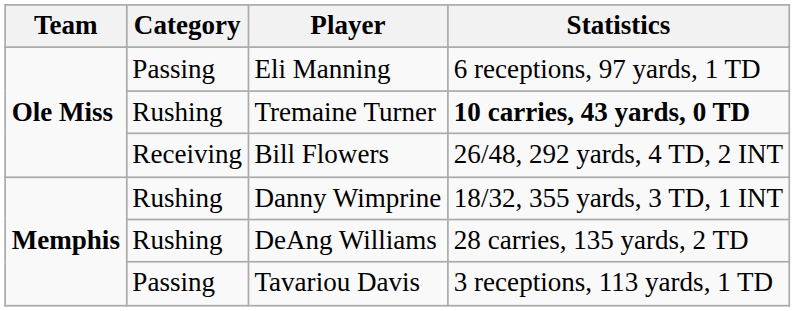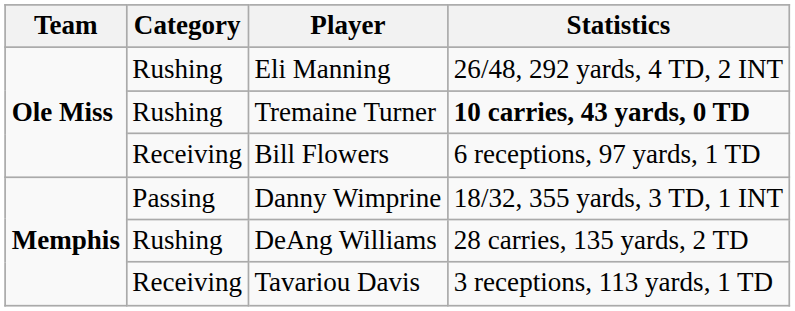 <table class="wikitable" style="float: right;">
 <tr>
 <th>Team</th>
 <th>Category</th>
 <th>Player</th>
 <th>Statistics</th>
 </tr>
 <tr>
 <td rowspan=3><strong>Ole Miss</strong></td>
-<td>Passing</td>
+<td>Rushing</td>
 <td>Eli Manning</td>
-<td>6 receptions, 97 yards, 1 TD</td>
+<td>26/48, 292 yards, 4 TD, 2 INT</td>
 </tr>
 <tr>
 <td>Rushing</td>
 <td>Tremaine Turner</td>
 <td><strong>10 carries, 43 yards, 0 TD</strong></td>
 </tr>
 <tr>
 <td>Receiving</td>
 <td>Bill Flowers</td>
-<td>26/48, 292 yards, 4 TD, 2 INT</td>
+<td>6 receptions, 97 yards, 1 TD</td>
 </tr>
 <tr>
 <td rowspan=3><strong>Memphis</strong></td>
-<td>Rushing</td>
+<td>Passing</td>
 <td>Danny Wimprine</td>
 <td>18/32, 355 yards, 3 TD, 1 INT</td>
 </tr>
 <tr>
 <td>Rushing</td>
 <td>DeAng Williams</td>
 <td>28 carries, 135 yards, 2 TD</td>
 </tr>
 <tr>
-<td>Passing</td>
+<td>Receiving</td>
 <td>Tavariou Davis</td>
 <td>3 receptions, 113 yards, 1 TD</td>
 </tr>
 </table>
